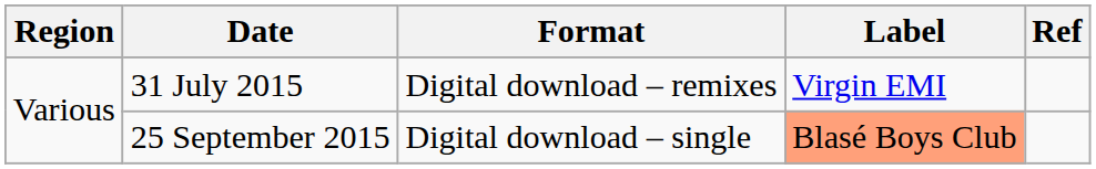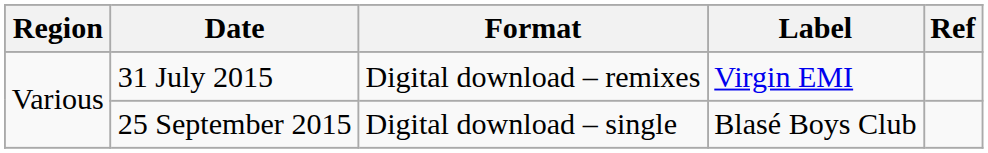 <table class=wikitable>
 <tr>
 <th>Region</th>
 <th>Date</th>
 <th>Format</th>
 <th>Label</th>
 <th>Ref</th>
 </tr>
 <tr>
 <td rowspan="2">Various</td>
 <td>31 July 2015</td>
 <td>Digital download – remixes</td>
 <td><a href='#'>Virgin EMI</a></td>
 <td></td>
 </tr>
 <tr>
 <td>25 September 2015</td>
 <td>Digital download – single</td>
-<td style="background: lightsalmon;">Blasé Boys Club</td>
+<td>Blasé Boys Club</td>
 <td></td>
 </tr>
 </table>
